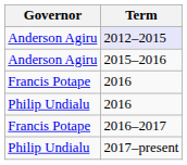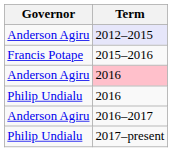 <table class="wikitable">
 <tr>
 <th><strong>Governor</strong></th>
 <th><strong>Term</strong></th>
 </tr>
 <tr>
 <td><a href='#'>Anderson Agiru</a></td>
 <td style="background: lavender;">2012–2015</td>
 </tr>
 <tr>
-<td><a href='#'>Anderson Agiru</a></td>
+<td><a href='#'>Francis Potape</a></td>
 <td>2015–2016</td>
 </tr>
 <tr>
-<td><a href='#'>Francis Potape</a></td>
-<td>2016</td>
+<td><a href='#'>Anderson Agiru</a></td>
+<td style="background: pink;">2016</td>
 </tr>
 <tr>
 <td><a href='#'>Philip Undialu</a></td>
 <td>2016</td>
 </tr>
 <tr>
-<td><a href='#'>Francis Potape</a></td>
+<td><a href='#'>Anderson Agiru</a></td>
 <td>2016–2017</td>
 </tr>
 <tr>
 <td><a href='#'>Philip Undialu</a></td>
 <td>2017–present</td>
 </tr>
 </table>
